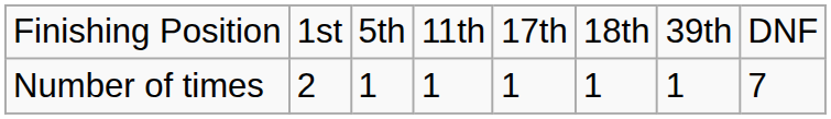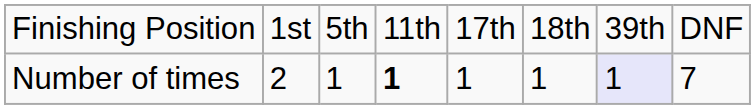 <table class="wikitable">
 <tr style=>
 <td>Finishing Position</td>
 <td>1st</td>
 <td>5th</td>
 <td>11th</td>
 <td>17th</td>
 <td>18th</td>
 <td>39th</td>
 <td>DNF</td>
 </tr>
 <tr>
 <td>Number of times</td>
 <td>2</td>
 <td>1</td>
+<td><strong>1</strong></td>
 <td>1</td>
 <td>1</td>
-<td>1</td>
-<td>1</td>
+<td style="background: lavender;">1</td>
 <td>7</td>
 </tr>
 </table>
